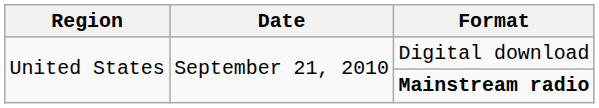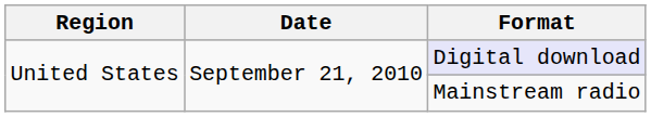 <table class="wikitable">
 <tr>
 <th>Region</th>
 <th>Date</th>
 <th>Format</th>
 </tr>
 <tr>
 <td rowspan="2">United States</td>
 <td rowspan="2">September 21, 2010</td>
-<td>Digital download</td>
+<td style="background: lavender;">Digital download</td>
 </tr>
 <tr>
-<td><strong>Mainstream radio</strong></td>
+<td>Mainstream radio</td>
 </tr>
 </table>
